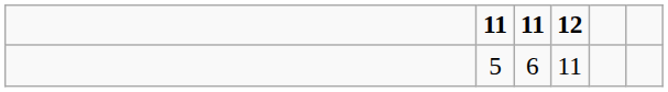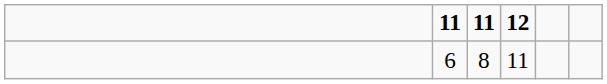 <table class="wikitable">
 <tr>
 <td style="width:18em"><strong></strong></td>
 <td align=center style="width:1em"><strong>11</strong></td>
 <td align=center style="width:1em"><strong>11</strong></td>
 <td align=center style="width:1em"><strong>12</strong></td>
 <td align=center style="width:1em"></td>
 <td align=center style="width:1em"></td>
 </tr>
 <tr>
 <td style="width:18em"></td>
-<td align=center style="width:1em">5</td>
 <td align=center style="width:1em">6</td>
+<td align=center style="width:1em">8</td>
 <td align=center style="width:1em">11</td>
 <td align=center style="width:1em"></td>
 <td align=center style="width:1em"></td>
 </tr>
 </table>
